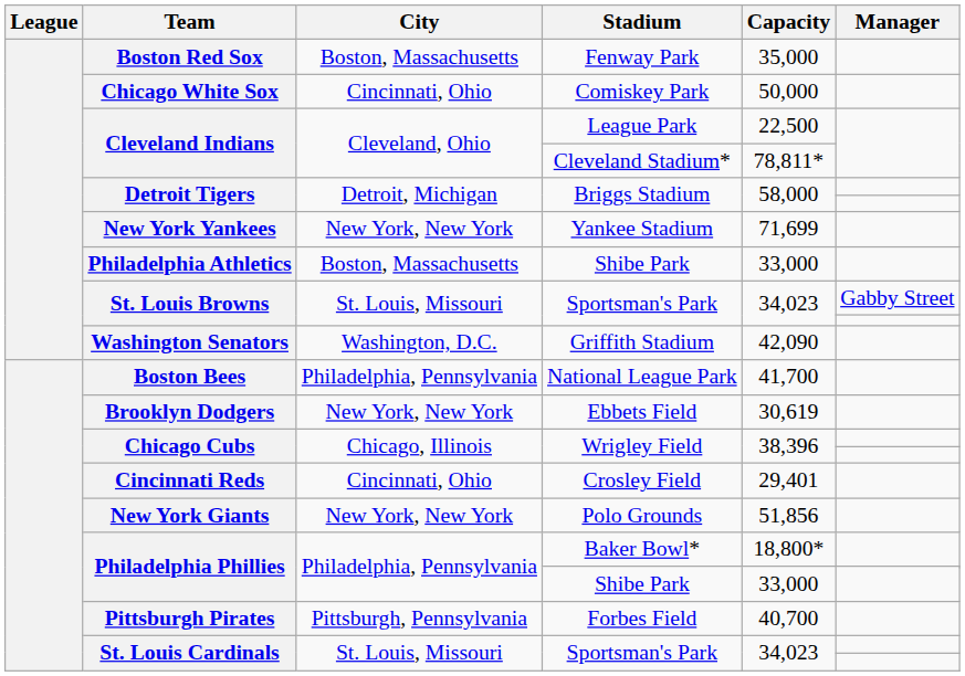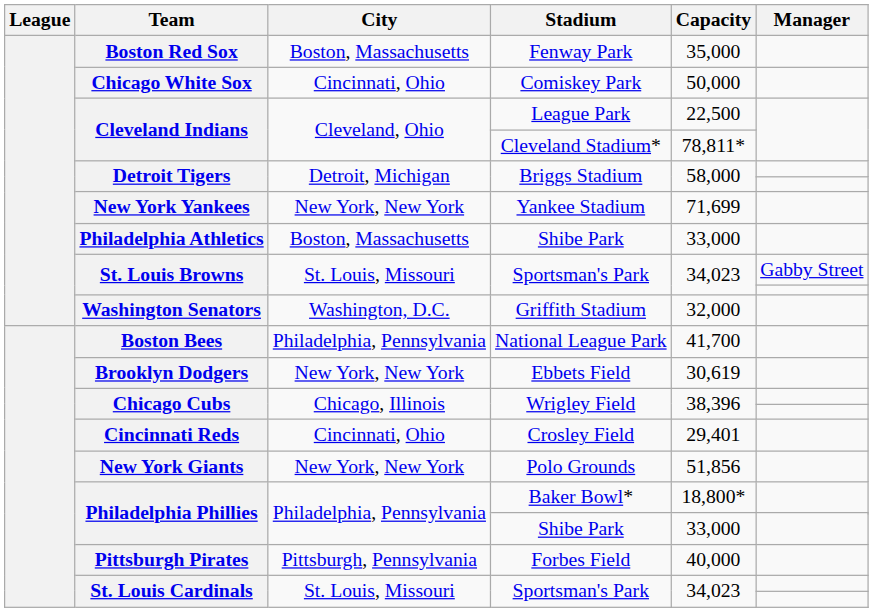 <table class="wikitable sortable plainrowheaders" style="text-align:center;">
 <tr>
 <th scope="col">League</th>
 <th scope="col">Team</th>
 <th scope="col">City</th>
 <th scope="col">Stadium</th>
 <th scope="col">Capacity</th>
 <th scope="col">Manager</th>
 </tr>
 <tr>
 <th rowspan="11"></th>
 <th scope="row"><a href='#'>Boston Red Sox</a></th>
 <td><a href='#'>Boston</a>, <a href='#'>Massachusetts</a></td>
 <td><a href='#'>Fenway Park</a></td>
 <td>35,000</td>
 <td></td>
 </tr>
 <tr>
 <th scope="row"><a href='#'>Chicago White Sox</a></th>
 <td><a href='#'>Cincinnati</a>, <a href='#'>Ohio</a></td>
 <td><a href='#'>Comiskey Park</a></td>
 <td>50,000</td>
 <td></td>
 </tr>
 <tr>
 <th rowspan="2" scope="row"><a href='#'>Cleveland Indians</a></th>
 <td rowspan="2"><a href='#'>Cleveland</a>, <a href='#'>Ohio</a></td>
 <td><a href='#'>League Park</a></td>
 <td>22,500</td>
 <td rowspan="2"></td>
 </tr>
 <tr>
 <td><a href='#'>Cleveland Stadium</a>*</td>
 <td>78,811*</td>
 </tr>
 <tr>
 <th rowspan="2" scope="row"><a href='#'>Detroit Tigers</a></th>
 <td rowspan="2"><a href='#'>Detroit</a>, <a href='#'>Michigan</a></td>
 <td rowspan="2"><a href='#'>Briggs Stadium</a></td>
 <td rowspan="2">58,000</td>
 <td></td>
 </tr>
 <tr>
 <td></td>
 </tr>
 <tr>
 <th scope="row"><a href='#'>New York Yankees</a></th>
 <td><a href='#'>New York</a>, <a href='#'>New York</a></td>
 <td><a href='#'>Yankee Stadium</a></td>
 <td>71,699</td>
 <td></td>
 </tr>
 <tr>
 <th scope="row"><a href='#'>Philadelphia Athletics</a></th>
 <td><a href='#'>Boston</a>, <a href='#'>Massachusetts</a></td>
 <td><a href='#'>Shibe Park</a></td>
 <td>33,000</td>
 <td></td>
 </tr>
 <tr>
 <th rowspan="2" scope="row"><a href='#'>St. Louis Browns</a></th>
 <td rowspan="2"><a href='#'>St. Louis</a>, <a href='#'>Missouri</a></td>
 <td rowspan="2"><a href='#'>Sportsman's Park</a></td>
 <td rowspan="2">34,023</td>
 <td><a href='#'>Gabby Street</a></td>
 </tr>
 <tr>
 <td></td>
 </tr>
 <tr>
 <th scope="row"><a href='#'>Washington Senators</a></th>
 <td><a href='#'>Washington, D.C.</a></td>
 <td><a href='#'>Griffith Stadium</a></td>
-<td>42,090</td>
+<td>32,000</td>
 <td></td>
 </tr>
 <tr>
 <th rowspan="12"></th>
 <th scope="row"><a href='#'>Boston Bees</a></th>
 <td><a href='#'>Philadelphia</a>, <a href='#'>Pennsylvania</a></td>
 <td><a href='#'>National League Park</a></td>
 <td>41,700</td>
 <td></td>
 </tr>
 <tr>
 <th scope="row"><a href='#'>Brooklyn Dodgers</a></th>
 <td><a href='#'>New York</a>, <a href='#'>New York</a></td>
 <td><a href='#'>Ebbets Field</a></td>
 <td>30,619</td>
 <td></td>
 </tr>
 <tr>
 <th rowspan="2" scope="row"><a href='#'>Chicago Cubs</a></th>
 <td rowspan="2"><a href='#'>Chicago</a>, <a href='#'>Illinois</a></td>
 <td rowspan="2"><a href='#'>Wrigley Field</a></td>
 <td rowspan="2">38,396</td>
 <td></td>
 </tr>
 <tr>
 <td></td>
 </tr>
 <tr>
 <th scope="row"><a href='#'>Cincinnati Reds</a></th>
 <td><a href='#'>Cincinnati</a>, <a href='#'>Ohio</a></td>
 <td><a href='#'>Crosley Field</a></td>
 <td>29,401</td>
 <td></td>
 </tr>
 <tr>
 <th scope="row"><a href='#'>New York Giants</a></th>
 <td><a href='#'>New York</a>, <a href='#'>New York</a></td>
 <td><a href='#'>Polo Grounds</a></td>
 <td>51,856</td>
 <td></td>
 </tr>
 <tr>
 <th rowspan="3" scope="row"><a href='#'>Philadelphia Phillies</a></th>
 <td rowspan="3"><a href='#'>Philadelphia</a>, <a href='#'>Pennsylvania</a></td>
 <td><a href='#'>Baker Bowl</a>*</td>
 <td>18,800*</td>
 <td rowspan="2"></td>
 </tr>
 <tr>
 <td rowspan="2"><a href='#'>Shibe Park</a></td>
 <td rowspan="2">33,000</td>
 </tr>
 <tr>
 <td></td>
 </tr>
 <tr>
 <th scope="row"><a href='#'>Pittsburgh Pirates</a></th>
 <td><a href='#'>Pittsburgh</a>, <a href='#'>Pennsylvania</a></td>
 <td><a href='#'>Forbes Field</a></td>
-<td>40,700</td>
+<td>40,000</td>
 <td></td>
 </tr>
 <tr>
 <th rowspan="2" scope="row"><a href='#'>St. Louis Cardinals</a></th>
 <td rowspan="2"><a href='#'>St. Louis</a>, <a href='#'>Missouri</a></td>
 <td rowspan="2"><a href='#'>Sportsman's Park</a></td>
 <td rowspan="2">34,023</td>
 <td></td>
 </tr>
 <tr>
 <td></td>
 </tr>
 </table>
